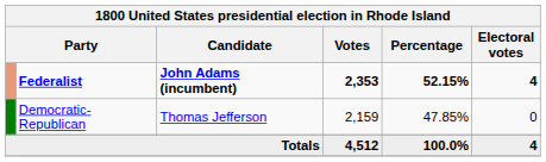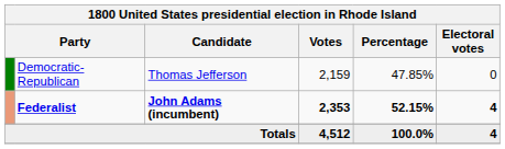 <table class="wikitable" style="font-size: 95%;">
 <tr>
 <th colspan="6">1800 United States presidential election in Rhode Island </th>
 </tr>
 <tr>
 <th colspan="2" style="width: 15em">Party</th>
 <th style="width: 17em">Candidate</th>
 <th style="width: 5em">Votes</th>
 <th style="width: 7em">Percentage</th>
 <th style="width: 5em">Electoral votes</th>
 </tr>
 <tr>
+<th style="background-color:#008000; width: 3px"></th>
+<td style="width: 130px"><a href='#'>Democratic-Republican</a></td>
+<td><a href='#'>Thomas Jefferson</a></td>
+<td align="right">2,159</td>
+<td align="right">47.85%</td>
+<td align="right">0</td>
+</tr>
+<tr>
 <th style="background-color:#EA9978; width: 3px"></th>
 <td style="width: 130px"><strong><a href='#'>Federalist</a></strong></td>
 <td><strong><a href='#'>John Adams</a></strong> <strong>(incumbent)</strong></td>
 <td align="right"><strong>2,353</strong></td>
 <td align="right"><strong>52.15%</strong></td>
 <td align="right"><strong>4</strong></td>
-</tr>
-<tr>
-<th style="background-color:#008000; width: 3px"></th>
-<td style="width: 130px"><a href='#'>Democratic-Republican</a></td>
-<td><a href='#'>Thomas Jefferson</a></td>
-<td align="right">2,159</td>
-<td align="right">47.85%</td>
-<td align="right">0</td>
 </tr>
 <tr>
 </tr>
 <tr bgcolor="#EEEEEE">
 <td colspan="3" align="right"><strong>Totals</strong></td>
 <td align="right"><strong>4,512</strong></td>
 <td align="right"><strong>100.0%</strong></td>
 <td align="right"><strong>4</strong></td>
 </tr>
 <tr>
 </tr>
 </table>
